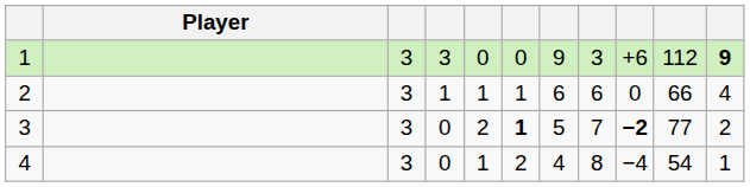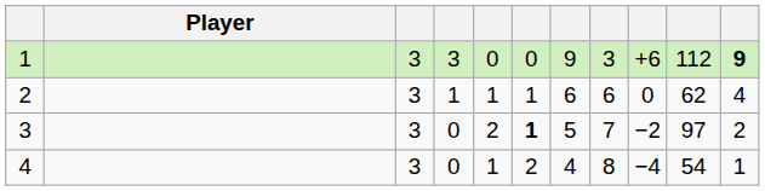 <table class="wikitable" style="text-align:center; margin: 1em auto 1em auto, align:left">
 <tr>
 <th width=20></th>
 <th width=240>Player</th>
 <th width=20></th>
 <th width=20></th>
 <th width=20></th>
 <th width=20></th>
 <th width=20></th>
 <th width=20></th>
 <th width=20></th>
 <th width=30></th>
 <th width=20></th>
 </tr>
 <tr style="background:#D0F0C0;">
 <td>1</td>
 <td align=left></td>
 <td>3</td>
 <td>3</td>
 <td>0</td>
 <td>0</td>
 <td>9</td>
 <td>3</td>
 <td>+6</td>
 <td>112</td>
 <td><strong>9</strong></td>
 </tr>
 <tr style=>
 <td>2</td>
 <td align=left></td>
 <td>3</td>
 <td>1</td>
 <td>1</td>
 <td>1</td>
 <td>6</td>
 <td>6</td>
 <td>0</td>
-<td>66</td>
+<td>62</td>
 <td>4</td>
 </tr>
 <tr style=>
 <td>3</td>
 <td align=left></td>
 <td>3</td>
 <td>0</td>
 <td>2</td>
 <td><strong>1</strong></td>
 <td>5</td>
 <td>7</td>
-<td><strong>−2</strong></td>
-<td>77</td>
+<td>−2</td>
+<td>97</td>
 <td>2</td>
 </tr>
 <tr style=>
 <td>4</td>
 <td align=left></td>
 <td>3</td>
 <td>0</td>
 <td>1</td>
 <td>2</td>
 <td>4</td>
 <td>8</td>
 <td>−4</td>
 <td>54</td>
 <td>1</td>
 </tr>
 </table>
